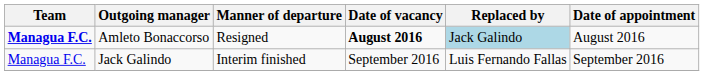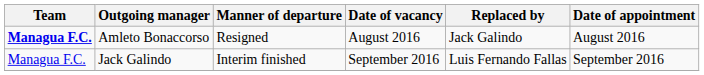 <table class="wikitable">
 <tr>
 <th>Team</th>
 <th>Outgoing manager</th>
 <th>Manner of departure</th>
 <th>Date of vacancy</th>
 <th>Replaced by</th>
 <th>Date of appointment</th>
 </tr>
 <tr>
 <td><strong><a href='#'>Managua F.C.</a></strong></td>
 <td> Amleto Bonaccorso</td>
 <td>Resigned</td>
-<td><strong>August 2016</strong></td>
-<td style="background: lightblue;"> Jack Galindo</td>
+<td>August 2016</td>
+<td> Jack Galindo</td>
 <td>August 2016</td>
 </tr>
 <tr>
 <td><a href='#'>Managua F.C.</a></td>
 <td> Jack Galindo</td>
 <td>Interim finished</td>
 <td>September 2016</td>
 <td> Luis Fernando Fallas</td>
 <td>September 2016</td>
 </tr>
 <tr>
 </tr>
 </table>
